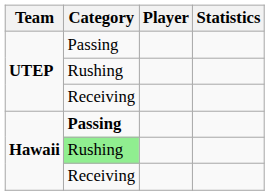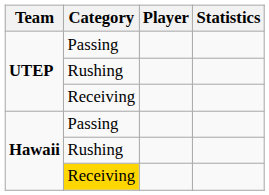 <table class="wikitable" style="float: right;">
 <tr>
 <th>Team</th>
 <th>Category</th>
 <th>Player</th>
 <th>Statistics</th>
 </tr>
 <tr>
 <td rowspan=3><strong>UTEP</strong></td>
 <td>Passing</td>
 <td></td>
 <td></td>
 </tr>
 <tr>
 <td>Rushing</td>
 <td></td>
 <td></td>
 </tr>
 <tr>
 <td>Receiving</td>
 <td></td>
 <td></td>
 </tr>
 <tr>
 <td rowspan=3><strong>Hawaii</strong></td>
-<td><strong>Passing</strong></td>
+<td>Passing</td>
 <td></td>
 <td></td>
 </tr>
 <tr>
-<td style="background: lightgreen;">Rushing</td>
+<td>Rushing</td>
 <td></td>
 <td></td>
 </tr>
 <tr>
-<td>Receiving</td>
+<td style="background: gold;">Receiving</td>
 <td></td>
 <td></td>
 </tr>
 </table>
